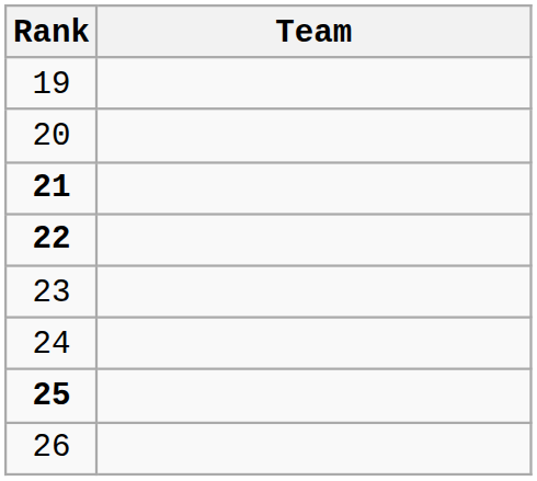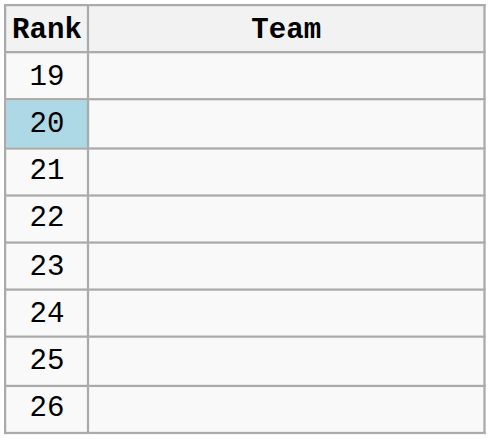 <table class=wikitable>
 <tr>
 <th>Rank</th>
 <th width=170>Team</th>
 </tr>
 <tr>
 <td align=center>19</td>
 <td></td>
 </tr>
 <tr>
-<td align=center>20</td>
+<td align=center style="background: lightblue;">20</td>
 <td></td>
 </tr>
 <tr>
-<td align=center><strong>21</strong></td>
+<td align=center>21</td>
 <td></td>
 </tr>
 <tr>
-<td align=center><strong>22</strong></td>
+<td align=center>22</td>
 <td></td>
 </tr>
 <tr>
 <td align=center>23</td>
 <td></td>
 </tr>
 <tr>
 <td align=center>24</td>
 <td></td>
 </tr>
 <tr>
-<td align=center><strong>25</strong></td>
+<td align=center>25</td>
 <td></td>
 </tr>
 <tr>
 <td align=center>26</td>
 <td></td>
 </tr>
 </table>
